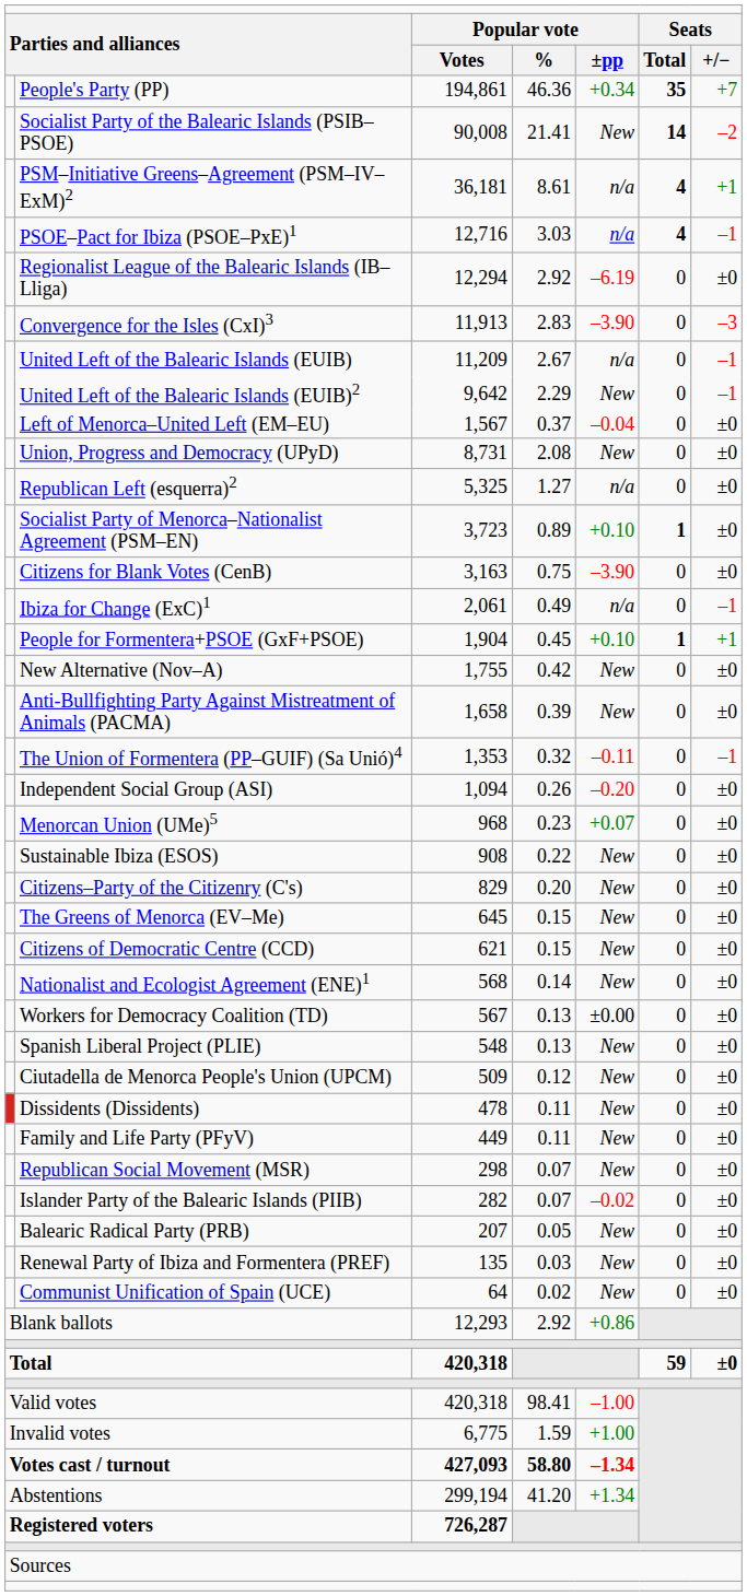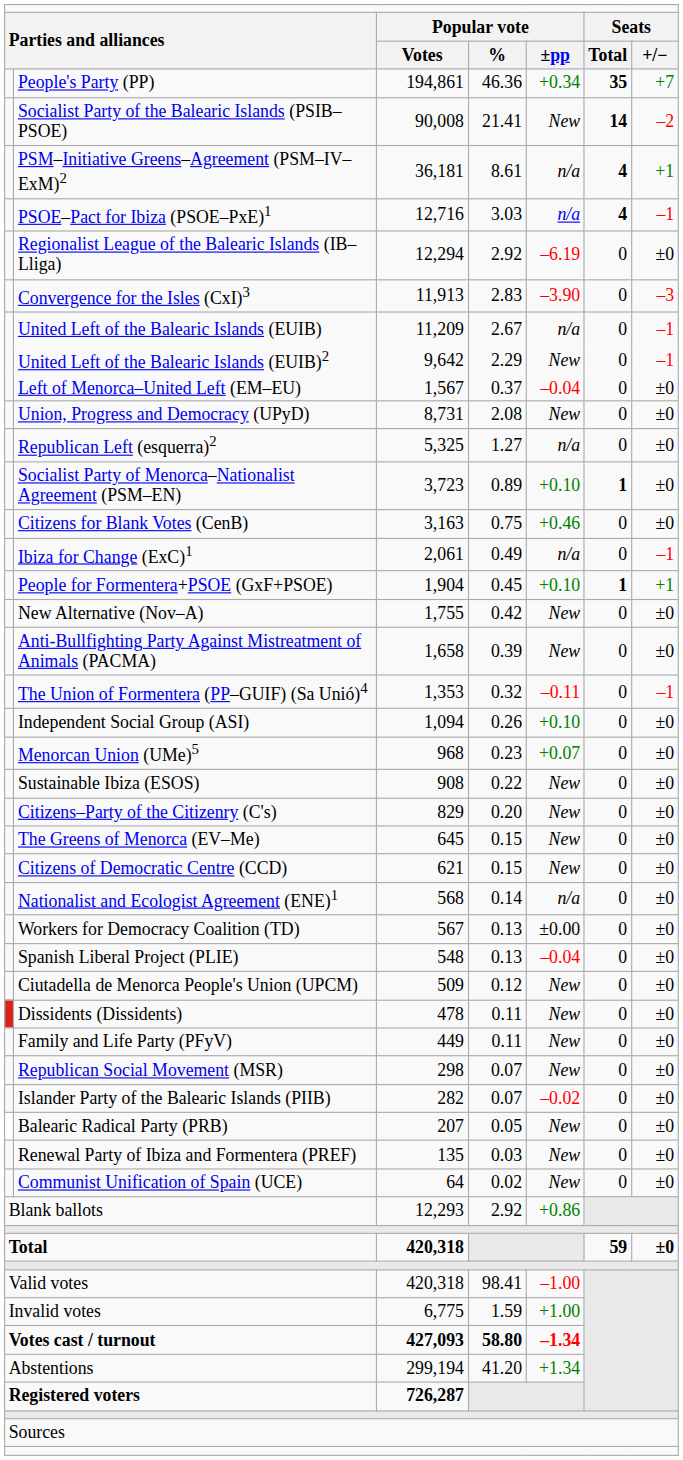 <table class="wikitable" style="text-align:right;">
 <tr>
 <td colspan="7"></td>
 </tr>
 <tr>
 <th style="text-align:left;" rowspan="2" colspan="2" width="525">Parties and alliances</th>
 <th colspan="3">Popular vote</th>
 <th colspan="2">Seats</th>
 </tr>
 <tr>
 <th width="75">Votes</th>
 <th width="45">%</th>
 <th width="45">±<a href='#'>pp</a></th>
 <th width="35">Total</th>
 <th width="35">+/−</th>
 </tr>
 <tr>
 <td width="1" style="color:inherit;background:"></td>
 <td align="left"><a href='#'>People's Party</a> (PP)</td>
 <td>194,861</td>
 <td>46.36</td>
 <td style="color:green;">+0.34</td>
 <td><strong>35</strong></td>
 <td style="color:green;">+7</td>
 </tr>
 <tr>
 <td style="color:inherit;background:"></td>
 <td align="left"><a href='#'>Socialist Party of the Balearic Islands</a> (PSIB–PSOE)</td>
 <td>90,008</td>
 <td>21.41</td>
 <td><em>New</em></td>
 <td><strong>14</strong></td>
 <td style="color:red;">–2</td>
 </tr>
 <tr>
 <td style="color:inherit;background:"></td>
 <td align="left"><a href='#'>PSM</a>–<a href='#'>Initiative Greens</a>–<a href='#'>Agreement</a> (PSM–IV–ExM)<sup>2</sup></td>
 <td>36,181</td>
 <td>8.61</td>
 <td><em>n/a</em></td>
 <td><strong>4</strong></td>
 <td style="color:green;">+1</td>
 </tr>
 <tr>
 <td style="color:inherit;background:"></td>
 <td align="left"><a href='#'>PSOE</a>–<a href='#'>Pact for Ibiza</a> (PSOE–PxE)<sup>1</sup></td>
 <td>12,716</td>
 <td>3.03</td>
 <td><em><a href='#'>n/a</a></em></td>
 <td><strong>4</strong></td>
 <td style="color:red;">–1</td>
 </tr>
 <tr>
 <td style="color:inherit;background:"></td>
 <td align="left"><a href='#'>Regionalist League of the Balearic Islands</a> (IB–Lliga)</td>
 <td>12,294</td>
 <td>2.92</td>
 <td style="color:red;">–6.19</td>
 <td>0</td>
 <td>±0</td>
 </tr>
 <tr>
 <td style="color:inherit;background:"></td>
 <td align="left"><a href='#'>Convergence for the Isles</a> (CxI)<sup>3</sup></td>
 <td>11,913</td>
 <td>2.83</td>
 <td style="color:red;">–3.90</td>
 <td>0</td>
 <td style="color:red;">–3</td>
 </tr>
 <tr style="line-height:22px;">
 <td rowspan="3" style="color:inherit;background:"></td>
 <td align="left"><a href='#'>United Left of the Balearic Islands</a> (EUIB)</td>
 <td>11,209</td>
 <td>2.67</td>
 <td><em>n/a</em></td>
 <td>0</td>
 <td style="color:red;">–1</td>
 </tr>
 <tr style="border-bottom-style:hidden; border-top-style:hidden; line-height:16px;">
 <td align="left"><span><a href='#'>United Left of the Balearic Islands</a> (EUIB)<sup>2</sup></span></td>
 <td>9,642</td>
 <td>2.29</td>
 <td><em>New</em></td>
 <td>0</td>
 <td style="color:red;">–1</td>
 </tr>
 <tr style="line-height:16px;">
 <td align="left"><span><a href='#'>Left of Menorca–United Left</a> (EM–EU)</span></td>
 <td>1,567</td>
 <td>0.37</td>
 <td style="color:red;">–0.04</td>
 <td>0</td>
 <td>±0</td>
 </tr>
 <tr>
 <td style="color:inherit;background:"></td>
 <td align="left"><a href='#'>Union, Progress and Democracy</a> (UPyD)</td>
 <td>8,731</td>
 <td>2.08</td>
 <td><em>New</em></td>
 <td>0</td>
 <td>±0</td>
 </tr>
 <tr>
 <td style="color:inherit;background:"></td>
 <td align="left"><a href='#'>Republican Left</a> (esquerra)<sup>2</sup></td>
 <td>5,325</td>
 <td>1.27</td>
 <td><em>n/a</em></td>
 <td>0</td>
 <td>±0</td>
 </tr>
 <tr>
 <td style="color:inherit;background:"></td>
 <td align="left"><a href='#'>Socialist Party of Menorca</a>–<a href='#'>Nationalist Agreement</a> (PSM–EN)</td>
 <td>3,723</td>
 <td>0.89</td>
 <td style="color:green;">+0.10</td>
 <td><strong>1</strong></td>
 <td>±0</td>
 </tr>
 <tr>
 <td style="color:inherit;background:"></td>
 <td align="left"><a href='#'>Citizens for Blank Votes</a> (CenB)</td>
 <td>3,163</td>
 <td>0.75</td>
-<td style="color:red;">–3.90</td>
+<td style="color:green;">+0.46</td>
 <td>0</td>
 <td>±0</td>
 </tr>
 <tr>
 <td style="color:inherit;background:"></td>
 <td align="left"><a href='#'>Ibiza for Change</a> (ExC)<sup>1</sup></td>
 <td>2,061</td>
 <td>0.49</td>
 <td><em>n/a</em></td>
 <td>0</td>
 <td style="color:red;">–1</td>
 </tr>
 <tr>
 <td style="color:inherit;background:"></td>
 <td align="left"><a href='#'>People for Formentera</a>+<a href='#'>PSOE</a> (GxF+PSOE)</td>
 <td>1,904</td>
 <td>0.45</td>
 <td style="color:green;">+0.10</td>
 <td><strong>1</strong></td>
 <td style="color:green;">+1</td>
 </tr>
 <tr>
 <td style="color:inherit;background:"></td>
 <td align="left">New Alternative (Nov–A)</td>
 <td>1,755</td>
 <td>0.42</td>
 <td><em>New</em></td>
 <td>0</td>
 <td>±0</td>
 </tr>
 <tr>
 <td style="color:inherit;background:"></td>
 <td align="left"><a href='#'>Anti-Bullfighting Party Against Mistreatment of Animals</a> (PACMA)</td>
 <td>1,658</td>
 <td>0.39</td>
 <td><em>New</em></td>
 <td>0</td>
 <td>±0</td>
 </tr>
 <tr>
 <td style="color:inherit;background:"></td>
 <td align="left"><a href='#'>The Union of Formentera</a> (<a href='#'>PP</a>–GUIF) (Sa Unió)<sup>4</sup></td>
 <td>1,353</td>
 <td>0.32</td>
 <td style="color:red;">–0.11</td>
 <td>0</td>
 <td style="color:red;">–1</td>
 </tr>
 <tr>
 <td style="color:inherit;background:"></td>
 <td align="left">Independent Social Group (ASI)</td>
 <td>1,094</td>
 <td>0.26</td>
-<td style="color:red;">–0.20</td>
+<td style="color:green;">+0.10</td>
 <td>0</td>
 <td>±0</td>
 </tr>
 <tr>
 <td style="color:inherit;background:"></td>
 <td align="left"><a href='#'>Menorcan Union</a> (UMe)<sup>5</sup></td>
 <td>968</td>
 <td>0.23</td>
 <td style="color:green;">+0.07</td>
 <td>0</td>
 <td>±0</td>
 </tr>
 <tr>
 <td style="color:inherit;background:"></td>
 <td align="left">Sustainable Ibiza (ESOS)</td>
 <td>908</td>
 <td>0.22</td>
 <td><em>New</em></td>
 <td>0</td>
 <td>±0</td>
 </tr>
 <tr>
 <td style="color:inherit;background:"></td>
 <td align="left"><a href='#'>Citizens–Party of the Citizenry</a> (C's)</td>
 <td>829</td>
 <td>0.20</td>
 <td><em>New</em></td>
 <td>0</td>
 <td>±0</td>
 </tr>
 <tr>
 <td style="color:inherit;background:"></td>
 <td align="left"><a href='#'>The Greens of Menorca</a> (EV–Me)</td>
 <td>645</td>
 <td>0.15</td>
 <td><em>New</em></td>
 <td>0</td>
 <td>±0</td>
 </tr>
 <tr>
 <td style="color:inherit;background:"></td>
 <td align="left"><a href='#'>Citizens of Democratic Centre</a> (CCD)</td>
 <td>621</td>
 <td>0.15</td>
 <td><em>New</em></td>
 <td>0</td>
 <td>±0</td>
 </tr>
 <tr>
 <td style="color:inherit;background:"></td>
 <td align="left"><a href='#'>Nationalist and Ecologist Agreement</a> (ENE)<sup>1</sup></td>
 <td>568</td>
 <td>0.14</td>
-<td><em>New</em></td>
+<td><em>n/a</em></td>
 <td>0</td>
 <td>±0</td>
 </tr>
 <tr>
 <td style="color:inherit;background:"></td>
 <td align="left">Workers for Democracy Coalition (TD)</td>
 <td>567</td>
 <td>0.13</td>
 <td>±0.00</td>
 <td>0</td>
 <td>±0</td>
 </tr>
 <tr>
 <td style="color:inherit;background:"></td>
 <td align="left">Spanish Liberal Project (PLIE)</td>
 <td>548</td>
 <td>0.13</td>
-<td><em>New</em></td>
+<td style="color:red;">–0.04</td>
 <td>0</td>
 <td>±0</td>
 </tr>
 <tr>
 <td style="color:inherit;background:"></td>
 <td align="left">Ciutadella de Menorca People's Union (UPCM)</td>
 <td>509</td>
 <td>0.12</td>
 <td><em>New</em></td>
 <td>0</td>
 <td>±0</td>
 </tr>
 <tr>
 <td style="color:inherit;background:#D9241D"></td>
 <td align="left">Dissidents (Dissidents)</td>
 <td>478</td>
 <td>0.11</td>
 <td><em>New</em></td>
 <td>0</td>
 <td>±0</td>
 </tr>
 <tr>
 <td style="color:inherit;background:"></td>
 <td align="left">Family and Life Party (PFyV)</td>
 <td>449</td>
 <td>0.11</td>
 <td><em>New</em></td>
 <td>0</td>
 <td>±0</td>
 </tr>
 <tr>
 <td style="color:inherit;background:"></td>
 <td align="left"><a href='#'>Republican Social Movement</a> (MSR)</td>
 <td>298</td>
 <td>0.07</td>
 <td><em>New</em></td>
 <td>0</td>
 <td>±0</td>
 </tr>
 <tr>
 <td style="color:inherit;background:"></td>
 <td align="left">Islander Party of the Balearic Islands (PIIB)</td>
 <td>282</td>
 <td>0.07</td>
 <td style="color:red;">–0.02</td>
 <td>0</td>
 <td>±0</td>
 </tr>
 <tr>
 <td bgcolor="white"></td>
 <td align="left">Balearic Radical Party (PRB)</td>
 <td>207</td>
 <td>0.05</td>
 <td><em>New</em></td>
 <td>0</td>
 <td>±0</td>
 </tr>
 <tr>
 <td style="color:inherit;background:"></td>
 <td align="left">Renewal Party of Ibiza and Formentera (PREF)</td>
 <td>135</td>
 <td>0.03</td>
 <td><em>New</em></td>
 <td>0</td>
 <td>±0</td>
 </tr>
 <tr>
 <td style="color:inherit;background:"></td>
 <td align="left"><a href='#'>Communist Unification of Spain</a> (UCE)</td>
 <td>64</td>
 <td>0.02</td>
 <td><em>New</em></td>
 <td>0</td>
 <td>±0</td>
 </tr>
 <tr>
 <td align="left" colspan="2">Blank ballots</td>
 <td>12,293</td>
 <td>2.92</td>
 <td style="color:green;">+0.86</td>
 <td bgcolor="#E9E9E9" colspan="2"></td>
 </tr>
 <tr>
 <td colspan="7" bgcolor="#E9E9E9"></td>
 </tr>
 <tr style="font-weight:bold;">
 <td align="left" colspan="2">Total</td>
 <td>420,318</td>
 <td bgcolor="#E9E9E9" colspan="2"></td>
 <td>59</td>
 <td>±0</td>
 </tr>
 <tr>
 <td colspan="7" bgcolor="#E9E9E9"></td>
 </tr>
 <tr>
 <td align="left" colspan="2">Valid votes</td>
 <td>420,318</td>
 <td>98.41</td>
 <td style="color:red;">–1.00</td>
 <td bgcolor="#E9E9E9" colspan="2" rowspan="5"></td>
 </tr>
 <tr>
 <td align="left" colspan="2">Invalid votes</td>
 <td>6,775</td>
 <td>1.59</td>
 <td style="color:green;">+1.00</td>
 </tr>
 <tr style="font-weight:bold;">
 <td align="left" colspan="2">Votes cast / turnout</td>
 <td>427,093</td>
 <td>58.80</td>
 <td style="color:red;">–1.34</td>
 </tr>
 <tr>
 <td align="left" colspan="2">Abstentions</td>
 <td>299,194</td>
 <td>41.20</td>
 <td style="color:green;">+1.34</td>
 </tr>
 <tr style="font-weight:bold;">
 <td align="left" colspan="2">Registered voters</td>
 <td>726,287</td>
 <td bgcolor="#E9E9E9" colspan="2"></td>
 </tr>
 <tr>
 <td colspan="7" bgcolor="#E9E9E9"></td>
 </tr>
 <tr>
 <td align="left" colspan="7">Sources</td>
 </tr>
 <tr>
 <td colspan="7" style="text-align:left; max-width:790px;"></td>
 </tr>
 </table>
